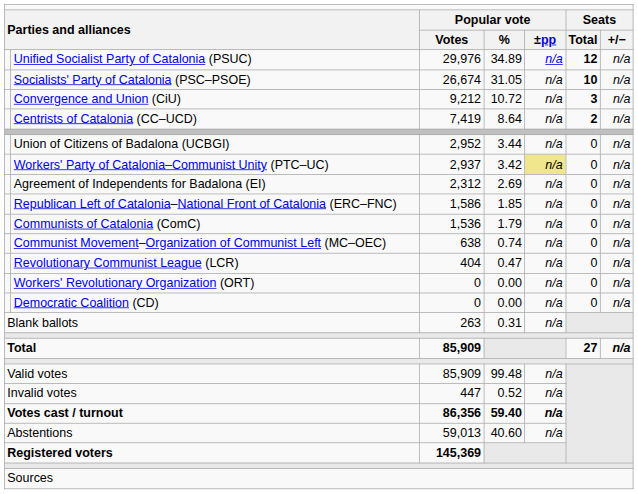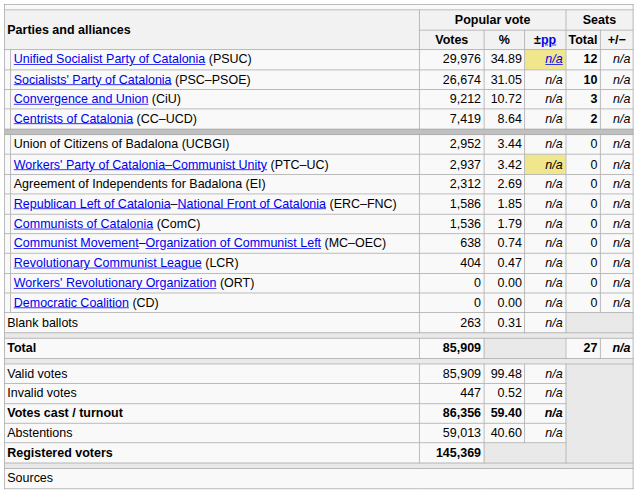 <table class="wikitable" style="text-align:right;">
 <tr>
 <td colspan="7"></td>
 </tr>
 <tr>
 <th style="text-align:left;" rowspan="2" colspan="2" width="525">Parties and alliances</th>
 <th colspan="3">Popular vote</th>
 <th colspan="2">Seats</th>
 </tr>
 <tr>
 <th width="75">Votes</th>
 <th width="45">%</th>
 <th width="45">±<a href='#'>pp</a></th>
 <th width="35">Total</th>
 <th width="35">+/−</th>
 </tr>
 <tr>
 <td width="1" style="color:inherit;background:"></td>
 <td align="left"><a href='#'>Unified Socialist Party of Catalonia</a> (PSUC)</td>
 <td>29,976</td>
 <td>34.89</td>
-<td><em><a href='#'>n/a</a></em></td>
+<td style="background: khaki;"><em><a href='#'>n/a</a></em></td>
 <td><strong>12</strong></td>
 <td><em>n/a</em></td>
 </tr>
 <tr>
 <td style="color:inherit;background:"></td>
 <td align="left"><a href='#'>Socialists' Party of Catalonia</a> (PSC–PSOE)</td>
 <td>26,674</td>
 <td>31.05</td>
 <td><em>n/a</em></td>
 <td><strong>10</strong></td>
 <td><em>n/a</em></td>
 </tr>
 <tr>
 <td style="color:inherit;background:"></td>
 <td align="left"><a href='#'>Convergence and Union</a> (CiU)</td>
 <td>9,212</td>
 <td>10.72</td>
 <td><em>n/a</em></td>
 <td><strong>3</strong></td>
 <td><em>n/a</em></td>
 </tr>
 <tr>
 <td style="color:inherit;background:"></td>
 <td align="left"><a href='#'>Centrists of Catalonia</a> (CC–UCD)</td>
 <td>7,419</td>
 <td>8.64</td>
 <td><em>n/a</em></td>
 <td><strong>2</strong></td>
 <td><em>n/a</em></td>
 </tr>
 <tr>
 <td colspan="7" style="color:inherit;background:#C0C0C0"></td>
 </tr>
 <tr>
 <td style="color:inherit;background:"></td>
 <td align="left">Union of Citizens of Badalona (UCBGI)</td>
 <td>2,952</td>
 <td>3.44</td>
 <td><em>n/a</em></td>
 <td>0</td>
 <td><em>n/a</em></td>
 </tr>
 <tr>
 <td style="color:inherit;background:"></td>
 <td align="left"><a href='#'>Workers' Party of Catalonia–Communist Unity</a> (PTC–UC)</td>
 <td>2,937</td>
 <td>3.42</td>
 <td style="background: khaki;"><em>n/a</em></td>
 <td>0</td>
 <td><em>n/a</em></td>
 </tr>
 <tr>
 <td style="color:inherit;background:"></td>
 <td align="left">Agreement of Independents for Badalona (EI)</td>
 <td>2,312</td>
 <td>2.69</td>
 <td><em>n/a</em></td>
 <td>0</td>
 <td><em>n/a</em></td>
 </tr>
 <tr>
 <td style="color:inherit;background:"></td>
 <td align="left"><a href='#'>Republican Left of Catalonia</a>–<a href='#'>National Front of Catalonia</a> (ERC–FNC)</td>
 <td>1,586</td>
 <td>1.85</td>
 <td><em>n/a</em></td>
 <td>0</td>
 <td><em>n/a</em></td>
 </tr>
 <tr>
 <td style="color:inherit;background:"></td>
 <td align="left"><a href='#'>Communists of Catalonia</a> (ComC)</td>
 <td>1,536</td>
 <td>1.79</td>
 <td><em>n/a</em></td>
 <td>0</td>
 <td><em>n/a</em></td>
 </tr>
 <tr>
 <td style="color:inherit;background:"></td>
 <td align="left"><a href='#'>Communist Movement</a>–<a href='#'>Organization of Communist Left</a> (MC–OEC)</td>
 <td>638</td>
 <td>0.74</td>
 <td><em>n/a</em></td>
 <td>0</td>
 <td><em>n/a</em></td>
 </tr>
 <tr>
 <td style="color:inherit;background:"></td>
 <td align="left"><a href='#'>Revolutionary Communist League</a> (LCR)</td>
 <td>404</td>
 <td>0.47</td>
 <td><em>n/a</em></td>
 <td>0</td>
 <td><em>n/a</em></td>
 </tr>
 <tr>
 <td style="color:inherit;background:"></td>
 <td align="left"><a href='#'>Workers' Revolutionary Organization</a> (ORT)</td>
 <td>0</td>
 <td>0.00</td>
 <td><em>n/a</em></td>
 <td>0</td>
 <td><em>n/a</em></td>
 </tr>
 <tr>
 <td style="color:inherit;background:"></td>
 <td align="left"><a href='#'>Democratic Coalition</a> (CD)</td>
 <td>0</td>
 <td>0.00</td>
 <td><em>n/a</em></td>
 <td>0</td>
 <td><em>n/a</em></td>
 </tr>
 <tr>
 <td align="left" colspan="2">Blank ballots</td>
 <td>263</td>
 <td>0.31</td>
 <td><em>n/a</em></td>
 <td style="color:inherit;background:#E9E9E9" colspan="2"></td>
 </tr>
 <tr>
 <td colspan="7" style="color:inherit;background:#E9E9E9"></td>
 </tr>
 <tr style="font-weight:bold;">
 <td align="left" colspan="2">Total</td>
 <td>85,909</td>
 <td bgcolor="#E9E9E9" colspan="2"></td>
 <td>27</td>
 <td><em>n/a</em></td>
 </tr>
 <tr>
 <td colspan="7" style="color:inherit;background:#E9E9E9"></td>
 </tr>
 <tr>
 <td align="left" colspan="2">Valid votes</td>
 <td>85,909</td>
 <td>99.48</td>
 <td><em>n/a</em></td>
 <td bgcolor="#E9E9E9" colspan="2" rowspan="5"></td>
 </tr>
 <tr>
 <td align="left" colspan="2">Invalid votes</td>
 <td>447</td>
 <td>0.52</td>
 <td><em>n/a</em></td>
 </tr>
 <tr style="font-weight:bold;">
 <td align="left" colspan="2">Votes cast / turnout</td>
 <td>86,356</td>
 <td>59.40</td>
 <td><em>n/a</em></td>
 </tr>
 <tr>
 <td align="left" colspan="2">Abstentions</td>
 <td>59,013</td>
 <td>40.60</td>
 <td><em>n/a</em></td>
 </tr>
 <tr style="font-weight:bold;">
 <td align="left" colspan="2">Registered voters</td>
 <td>145,369</td>
 <td bgcolor="#E9E9E9" colspan="2"></td>
 </tr>
 <tr>
 <td colspan="7" style="color:inherit;background:#E9E9E9"></td>
 </tr>
 <tr>
 <td align="left" colspan="7">Sources</td>
 </tr>
 </table>
